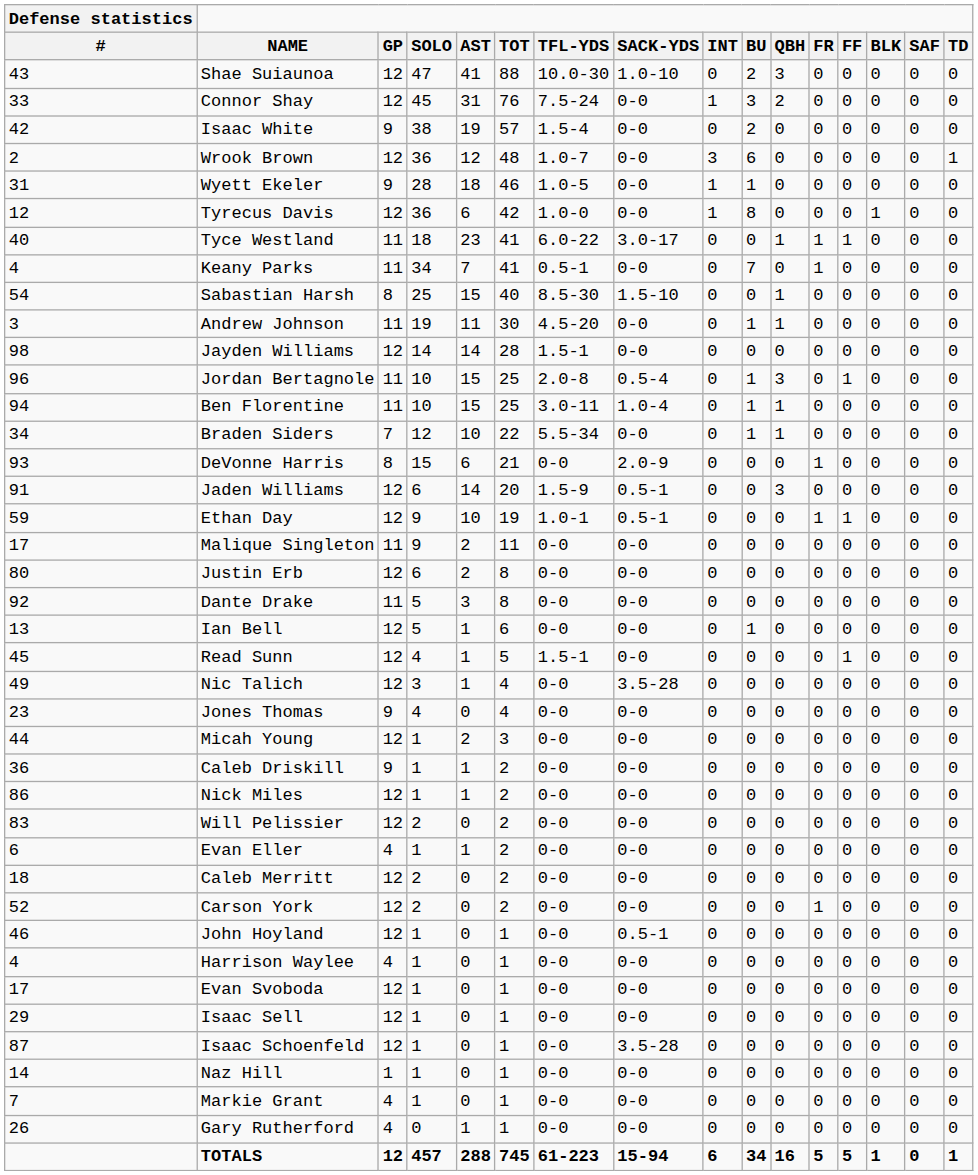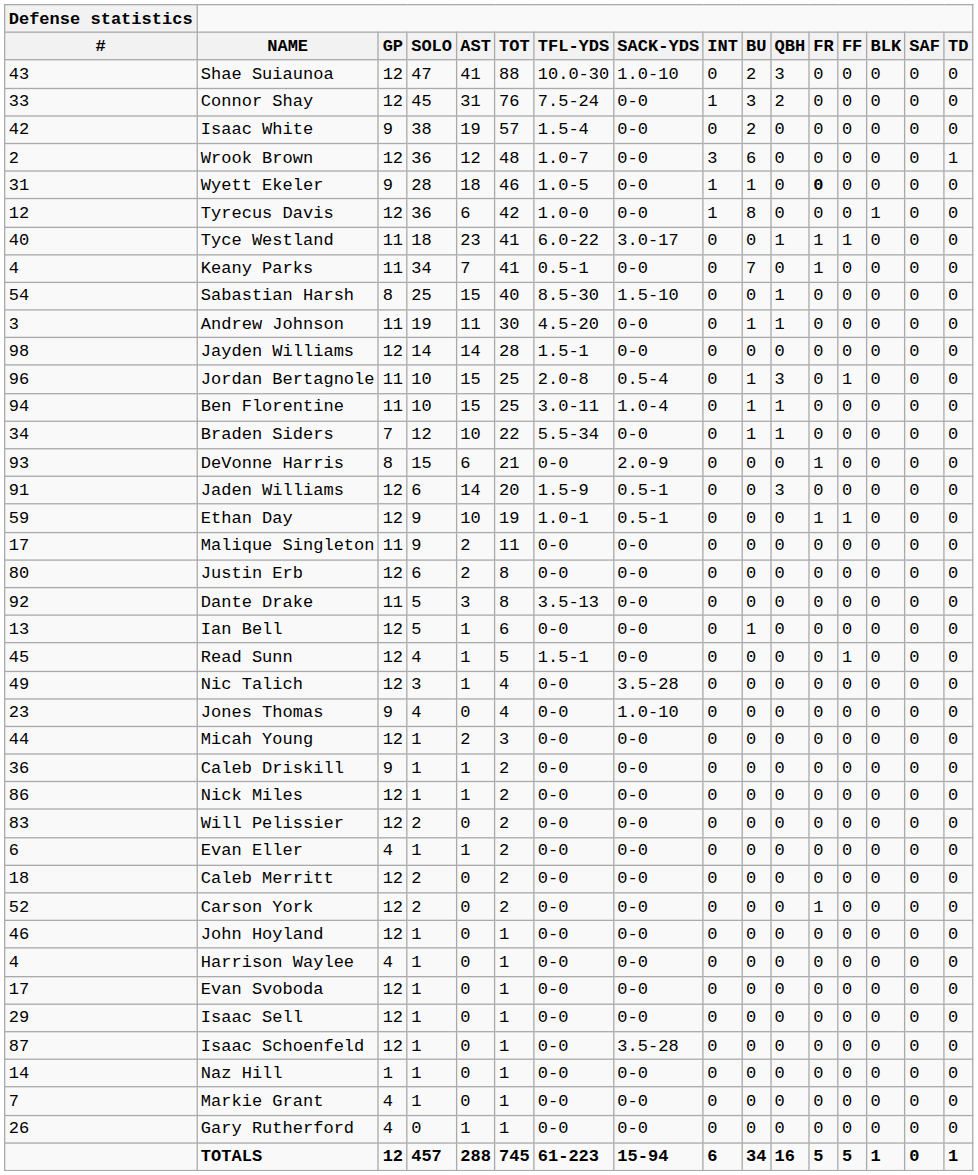 <table class="wikitable collapsible">
 <tr>
 <th style="text-align:center; ">Defense statistics</th>
 </tr>
 <tr>
 <th>#</th>
 <th>NAME</th>
 <th>GP</th>
 <th>SOLO</th>
 <th>AST</th>
 <th>TOT</th>
 <th>TFL-YDS</th>
 <th>SACK-YDS</th>
 <th>INT</th>
 <th>BU</th>
 <th>QBH</th>
 <th>FR</th>
 <th>FF</th>
 <th>BLK</th>
 <th>SAF</th>
 <th>TD</th>
 </tr>
 <tr>
 <td>43</td>
 <td>Shae Suiaunoa</td>
 <td>12</td>
 <td>47</td>
 <td>41</td>
 <td>88</td>
 <td>10.0-30</td>
 <td>1.0-10</td>
 <td>0</td>
 <td>2</td>
 <td>3</td>
 <td>0</td>
 <td>0</td>
 <td>0</td>
 <td>0</td>
 <td>0</td>
 </tr>
 <tr>
 <td>33</td>
 <td>Connor Shay</td>
 <td>12</td>
 <td>45</td>
 <td>31</td>
 <td>76</td>
 <td>7.5-24</td>
 <td>0-0</td>
 <td>1</td>
 <td>3</td>
 <td>2</td>
 <td>0</td>
 <td>0</td>
 <td>0</td>
 <td>0</td>
 <td>0</td>
 </tr>
 <tr>
 <td>42</td>
 <td>Isaac White</td>
 <td>9</td>
 <td>38</td>
 <td>19</td>
 <td>57</td>
 <td>1.5-4</td>
 <td>0-0</td>
 <td>0</td>
 <td>2</td>
 <td>0</td>
 <td>0</td>
 <td>0</td>
 <td>0</td>
 <td>0</td>
 <td>0</td>
 </tr>
 <tr>
 <td>2</td>
 <td>Wrook Brown</td>
 <td>12</td>
 <td>36</td>
 <td>12</td>
 <td>48</td>
 <td>1.0-7</td>
 <td>0-0</td>
 <td>3</td>
 <td>6</td>
 <td>0</td>
 <td>0</td>
 <td>0</td>
 <td>0</td>
 <td>0</td>
 <td>1</td>
 </tr>
 <tr>
 <td>31</td>
 <td>Wyett Ekeler</td>
 <td>9</td>
 <td>28</td>
 <td>18</td>
 <td>46</td>
 <td>1.0-5</td>
 <td>0-0</td>
 <td>1</td>
 <td>1</td>
 <td>0</td>
-<td>0</td>
+<td><strong>0</strong></td>
 <td>0</td>
 <td>0</td>
 <td>0</td>
 <td>0</td>
 </tr>
 <tr>
 <td>12</td>
 <td>Tyrecus Davis</td>
 <td>12</td>
 <td>36</td>
 <td>6</td>
 <td>42</td>
 <td>1.0-0</td>
 <td>0-0</td>
 <td>1</td>
 <td>8</td>
 <td>0</td>
 <td>0</td>
 <td>0</td>
 <td>1</td>
 <td>0</td>
 <td>0</td>
 </tr>
 <tr>
 <td>40</td>
 <td>Tyce Westland</td>
 <td>11</td>
 <td>18</td>
 <td>23</td>
 <td>41</td>
 <td>6.0-22</td>
 <td>3.0-17</td>
 <td>0</td>
 <td>0</td>
 <td>1</td>
 <td>1</td>
 <td>1</td>
 <td>0</td>
 <td>0</td>
 <td>0</td>
 </tr>
 <tr>
 <td>4</td>
 <td>Keany Parks</td>
 <td>11</td>
 <td>34</td>
 <td>7</td>
 <td>41</td>
 <td>0.5-1</td>
 <td>0-0</td>
 <td>0</td>
 <td>7</td>
 <td>0</td>
 <td>1</td>
 <td>0</td>
 <td>0</td>
 <td>0</td>
 <td>0</td>
 </tr>
 <tr>
 <td>54</td>
 <td>Sabastian Harsh</td>
 <td>8</td>
 <td>25</td>
 <td>15</td>
 <td>40</td>
 <td>8.5-30</td>
 <td>1.5-10</td>
 <td>0</td>
 <td>0</td>
 <td>1</td>
 <td>0</td>
 <td>0</td>
 <td>0</td>
 <td>0</td>
 <td>0</td>
 </tr>
 <tr>
 <td>3</td>
 <td>Andrew Johnson</td>
 <td>11</td>
 <td>19</td>
 <td>11</td>
 <td>30</td>
 <td>4.5-20</td>
 <td>0-0</td>
 <td>0</td>
 <td>1</td>
 <td>1</td>
 <td>0</td>
 <td>0</td>
 <td>0</td>
 <td>0</td>
 <td>0</td>
 </tr>
 <tr>
 <td>98</td>
 <td>Jayden Williams</td>
 <td>12</td>
 <td>14</td>
 <td>14</td>
 <td>28</td>
 <td>1.5-1</td>
 <td>0-0</td>
 <td>0</td>
 <td>0</td>
 <td>0</td>
 <td>0</td>
 <td>0</td>
 <td>0</td>
 <td>0</td>
 <td>0</td>
 </tr>
 <tr>
 <td>96</td>
 <td>Jordan Bertagnole</td>
 <td>11</td>
 <td>10</td>
 <td>15</td>
 <td>25</td>
 <td>2.0-8</td>
 <td>0.5-4</td>
 <td>0</td>
 <td>1</td>
 <td>3</td>
 <td>0</td>
 <td>1</td>
 <td>0</td>
 <td>0</td>
 <td>0</td>
 </tr>
 <tr>
 <td>94</td>
 <td>Ben Florentine</td>
 <td>11</td>
 <td>10</td>
 <td>15</td>
 <td>25</td>
 <td>3.0-11</td>
 <td>1.0-4</td>
 <td>0</td>
 <td>1</td>
 <td>1</td>
 <td>0</td>
 <td>0</td>
 <td>0</td>
 <td>0</td>
 <td>0</td>
 </tr>
 <tr>
 <td>34</td>
 <td>Braden Siders</td>
 <td>7</td>
 <td>12</td>
 <td>10</td>
 <td>22</td>
 <td>5.5-34</td>
 <td>0-0</td>
 <td>0</td>
 <td>1</td>
 <td>1</td>
 <td>0</td>
 <td>0</td>
 <td>0</td>
 <td>0</td>
 <td>0</td>
 </tr>
 <tr>
 <td>93</td>
 <td>DeVonne Harris</td>
 <td>8</td>
 <td>15</td>
 <td>6</td>
 <td>21</td>
 <td>0-0</td>
 <td>2.0-9</td>
 <td>0</td>
 <td>0</td>
 <td>0</td>
 <td>1</td>
 <td>0</td>
 <td>0</td>
 <td>0</td>
 <td>0</td>
 </tr>
 <tr>
 <td>91</td>
 <td>Jaden Williams</td>
 <td>12</td>
 <td>6</td>
 <td>14</td>
 <td>20</td>
 <td>1.5-9</td>
 <td>0.5-1</td>
 <td>0</td>
 <td>0</td>
 <td>3</td>
 <td>0</td>
 <td>0</td>
 <td>0</td>
 <td>0</td>
 <td>0</td>
 </tr>
 <tr>
 <td>59</td>
 <td>Ethan Day</td>
 <td>12</td>
 <td>9</td>
 <td>10</td>
 <td>19</td>
 <td>1.0-1</td>
 <td>0.5-1</td>
 <td>0</td>
 <td>0</td>
 <td>0</td>
 <td>1</td>
 <td>1</td>
 <td>0</td>
 <td>0</td>
 <td>0</td>
 </tr>
 <tr>
 <td>17</td>
 <td>Malique Singleton</td>
 <td>11</td>
 <td>9</td>
 <td>2</td>
 <td>11</td>
 <td>0-0</td>
 <td>0-0</td>
 <td>0</td>
 <td>0</td>
 <td>0</td>
 <td>0</td>
 <td>0</td>
 <td>0</td>
 <td>0</td>
 <td>0</td>
 </tr>
 <tr>
 <td>80</td>
 <td>Justin Erb</td>
 <td>12</td>
 <td>6</td>
 <td>2</td>
 <td>8</td>
 <td>0-0</td>
 <td>0-0</td>
 <td>0</td>
 <td>0</td>
 <td>0</td>
 <td>0</td>
 <td>0</td>
 <td>0</td>
 <td>0</td>
 <td>0</td>
 </tr>
 <tr>
 <td>92</td>
 <td>Dante Drake</td>
 <td>11</td>
 <td>5</td>
 <td>3</td>
 <td>8</td>
-<td>0-0</td>
+<td>3.5-13</td>
 <td>0-0</td>
 <td>0</td>
 <td>0</td>
 <td>0</td>
 <td>0</td>
 <td>0</td>
 <td>0</td>
 <td>0</td>
 <td>0</td>
 </tr>
 <tr>
 <td>13</td>
 <td>Ian Bell</td>
 <td>12</td>
 <td>5</td>
 <td>1</td>
 <td>6</td>
 <td>0-0</td>
 <td>0-0</td>
 <td>0</td>
 <td>1</td>
 <td>0</td>
 <td>0</td>
 <td>0</td>
 <td>0</td>
 <td>0</td>
 <td>0</td>
 </tr>
 <tr>
 <td>45</td>
 <td>Read Sunn</td>
 <td>12</td>
 <td>4</td>
 <td>1</td>
 <td>5</td>
 <td>1.5-1</td>
 <td>0-0</td>
 <td>0</td>
 <td>0</td>
 <td>0</td>
 <td>0</td>
 <td>1</td>
 <td>0</td>
 <td>0</td>
 <td>0</td>
 </tr>
 <tr>
 <td>49</td>
 <td>Nic Talich</td>
 <td>12</td>
 <td>3</td>
 <td>1</td>
 <td>4</td>
 <td>0-0</td>
 <td>3.5-28</td>
 <td>0</td>
 <td>0</td>
 <td>0</td>
 <td>0</td>
 <td>0</td>
 <td>0</td>
 <td>0</td>
 <td>0</td>
 </tr>
 <tr>
 <td>23</td>
 <td>Jones Thomas</td>
 <td>9</td>
 <td>4</td>
 <td>0</td>
 <td>4</td>
 <td>0-0</td>
-<td>0-0</td>
+<td>1.0-10</td>
 <td>0</td>
 <td>0</td>
 <td>0</td>
 <td>0</td>
 <td>0</td>
 <td>0</td>
 <td>0</td>
 <td>0</td>
 </tr>
 <tr>
 <td>44</td>
 <td>Micah Young</td>
 <td>12</td>
 <td>1</td>
 <td>2</td>
 <td>3</td>
 <td>0-0</td>
 <td>0-0</td>
 <td>0</td>
 <td>0</td>
 <td>0</td>
 <td>0</td>
 <td>0</td>
 <td>0</td>
 <td>0</td>
 <td>0</td>
 </tr>
 <tr>
 <td>36</td>
 <td>Caleb Driskill</td>
 <td>9</td>
 <td>1</td>
 <td>1</td>
 <td>2</td>
 <td>0-0</td>
 <td>0-0</td>
 <td>0</td>
 <td>0</td>
 <td>0</td>
 <td>0</td>
 <td>0</td>
 <td>0</td>
 <td>0</td>
 <td>0</td>
 </tr>
 <tr>
 <td>86</td>
 <td>Nick Miles</td>
 <td>12</td>
 <td>1</td>
 <td>1</td>
 <td>2</td>
 <td>0-0</td>
 <td>0-0</td>
 <td>0</td>
 <td>0</td>
 <td>0</td>
 <td>0</td>
 <td>0</td>
 <td>0</td>
 <td>0</td>
 <td>0</td>
 </tr>
 <tr>
 <td>83</td>
 <td>Will Pelissier</td>
 <td>12</td>
 <td>2</td>
 <td>0</td>
 <td>2</td>
 <td>0-0</td>
 <td>0-0</td>
 <td>0</td>
 <td>0</td>
 <td>0</td>
 <td>0</td>
 <td>0</td>
 <td>0</td>
 <td>0</td>
 <td>0</td>
 </tr>
 <tr>
 <td>6</td>
 <td>Evan Eller</td>
 <td>4</td>
 <td>1</td>
 <td>1</td>
 <td>2</td>
 <td>0-0</td>
 <td>0-0</td>
 <td>0</td>
 <td>0</td>
 <td>0</td>
 <td>0</td>
 <td>0</td>
 <td>0</td>
 <td>0</td>
 <td>0</td>
 </tr>
 <tr>
 <td>18</td>
 <td>Caleb Merritt</td>
 <td>12</td>
 <td>2</td>
 <td>0</td>
 <td>2</td>
 <td>0-0</td>
 <td>0-0</td>
 <td>0</td>
 <td>0</td>
 <td>0</td>
 <td>0</td>
 <td>0</td>
 <td>0</td>
 <td>0</td>
 <td>0</td>
 </tr>
 <tr>
 <td>52</td>
 <td>Carson York</td>
 <td>12</td>
 <td>2</td>
 <td>0</td>
 <td>2</td>
 <td>0-0</td>
 <td>0-0</td>
 <td>0</td>
 <td>0</td>
 <td>0</td>
 <td>1</td>
 <td>0</td>
 <td>0</td>
 <td>0</td>
 <td>0</td>
 </tr>
 <tr>
 <td>46</td>
 <td>John Hoyland</td>
 <td>12</td>
 <td>1</td>
 <td>0</td>
 <td>1</td>
 <td>0-0</td>
-<td>0.5-1</td>
+<td>0-0</td>
 <td>0</td>
 <td>0</td>
 <td>0</td>
 <td>0</td>
 <td>0</td>
 <td>0</td>
 <td>0</td>
 <td>0</td>
 </tr>
 <tr>
 <td>4</td>
 <td>Harrison Waylee</td>
 <td>4</td>
 <td>1</td>
 <td>0</td>
 <td>1</td>
 <td>0-0</td>
 <td>0-0</td>
 <td>0</td>
 <td>0</td>
 <td>0</td>
 <td>0</td>
 <td>0</td>
 <td>0</td>
 <td>0</td>
 <td>0</td>
 </tr>
 <tr>
 <td>17</td>
 <td>Evan Svoboda</td>
 <td>12</td>
 <td>1</td>
 <td>0</td>
 <td>1</td>
 <td>0-0</td>
 <td>0-0</td>
 <td>0</td>
 <td>0</td>
 <td>0</td>
 <td>0</td>
 <td>0</td>
 <td>0</td>
 <td>0</td>
 <td>0</td>
 </tr>
 <tr>
 <td>29</td>
 <td>Isaac Sell</td>
 <td>12</td>
 <td>1</td>
 <td>0</td>
 <td>1</td>
 <td>0-0</td>
 <td>0-0</td>
 <td>0</td>
 <td>0</td>
 <td>0</td>
 <td>0</td>
 <td>0</td>
 <td>0</td>
 <td>0</td>
 <td>0</td>
 </tr>
 <tr>
 <td>87</td>
 <td>Isaac Schoenfeld</td>
 <td>12</td>
 <td>1</td>
 <td>0</td>
 <td>1</td>
 <td>0-0</td>
 <td>3.5-28</td>
 <td>0</td>
 <td>0</td>
 <td>0</td>
 <td>0</td>
 <td>0</td>
 <td>0</td>
 <td>0</td>
 <td>0</td>
 </tr>
 <tr>
 <td>14</td>
 <td>Naz Hill</td>
 <td>1</td>
 <td>1</td>
 <td>0</td>
 <td>1</td>
 <td>0-0</td>
 <td>0-0</td>
 <td>0</td>
 <td>0</td>
 <td>0</td>
 <td>0</td>
 <td>0</td>
 <td>0</td>
 <td>0</td>
 <td>0</td>
 </tr>
 <tr>
 <td>7</td>
 <td>Markie Grant</td>
 <td>4</td>
 <td>1</td>
 <td>0</td>
 <td>1</td>
 <td>0-0</td>
 <td>0-0</td>
 <td>0</td>
 <td>0</td>
 <td>0</td>
 <td>0</td>
 <td>0</td>
 <td>0</td>
 <td>0</td>
 <td>0</td>
 </tr>
 <tr>
 <td>26</td>
 <td>Gary Rutherford</td>
 <td>4</td>
 <td>0</td>
 <td>1</td>
 <td>1</td>
 <td>0-0</td>
 <td>0-0</td>
 <td>0</td>
 <td>0</td>
 <td>0</td>
 <td>0</td>
 <td>0</td>
 <td>0</td>
 <td>0</td>
 <td>0</td>
 </tr>
 <tr>
 <td></td>
 <td><strong>TOTALS</strong></td>
 <td><strong>12</strong></td>
 <td><strong>457</strong></td>
 <td><strong>288</strong></td>
 <td><strong>745</strong></td>
 <td><strong>61-223</strong></td>
 <td><strong>15-94</strong></td>
 <td><strong>6</strong></td>
 <td><strong>34</strong></td>
 <td><strong>16</strong></td>
 <td><strong>5</strong></td>
 <td><strong>5</strong></td>
 <td><strong>1</strong></td>
 <td><strong>0</strong></td>
 <td><strong>1</strong></td>
 </tr>
 </table>
